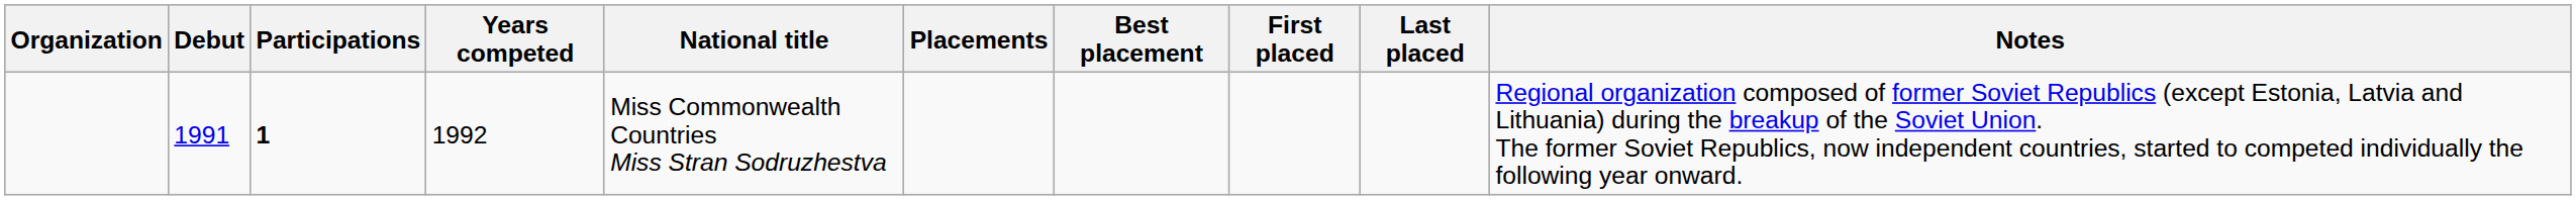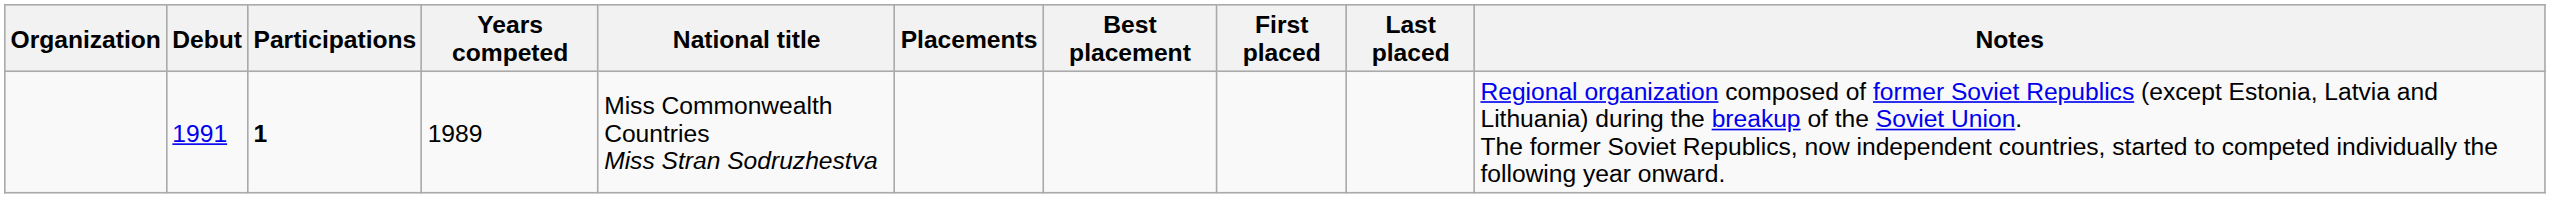 <table class="wikitable" style="font-size: 95%;">
 <tr>
 <th>Organization</th>
 <th>Debut</th>
 <th>Participations</th>
 <th>Years competed</th>
 <th>National title</th>
 <th>Placements</th>
 <th>Best placement</th>
 <th>First placed</th>
 <th>Last placed</th>
 <th>Notes</th>
 </tr>
 <tr>
 <td><strong></strong></td>
 <td><a href='#'>1991</a></td>
 <td><strong>1</strong></td>
-<td>1992</td>
+<td>1989</td>
 <td>Miss Commonwealth Countries<br><em>Miss Stran Sodruzhestva</em></td>
 <td></td>
 <td></td>
 <td></td>
 <td></td>
 <td><a href='#'>Regional organization</a> composed of <a href='#'>former Soviet Republics</a> (except Estonia, Latvia and Lithuania) during the <a href='#'>breakup</a> of the <a href='#'>Soviet Union</a>.<br>The former Soviet Republics, now independent countries, started to competed individually the following year onward.</td>
 </tr>
 </table>
